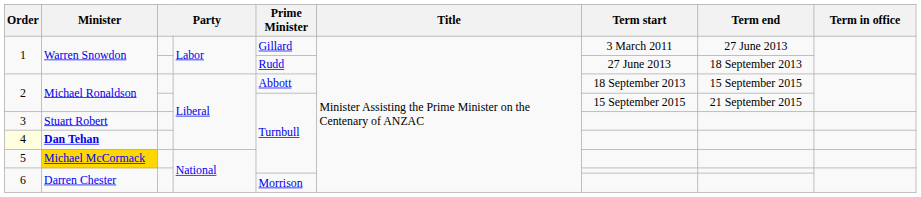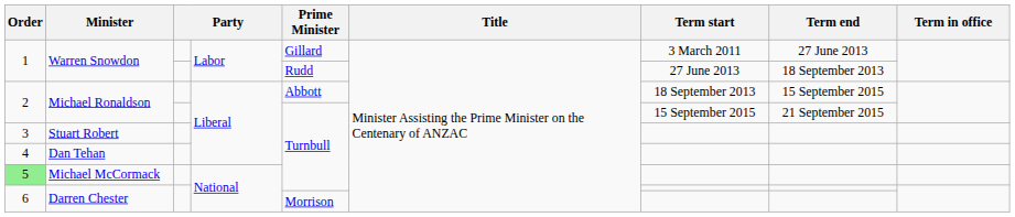 <table class="wikitable">
 <tr>
 <th width=5>Order</th>
 <th width=150>Minister</th>
 <th width=125 colspan="2">Party</th>
 <th width=75>Prime Minister</th>
 <th width=350>Title</th>
 <th width=150>Term start</th>
 <th width=150>Term end</th>
 <th width=130>Term in office</th>
 </tr>
 <tr>
 <td rowspan = 2 align=center>1</td>
 <td rowspan = 2><a href='#'>Warren Snowdon</a></td>
 <td></td>
 <td rowspan = 2><a href='#'>Labor</a></td>
 <td><a href='#'>Gillard</a></td>
 <td rowspan=9>Minister Assisting the Prime Minister on the Centenary of ANZAC</td>
 <td align=center>3 March 2011</td>
 <td align=center>27 June 2013</td>
 <td rowspan = 2 align=right><strong></strong></td>
 </tr>
 <tr>
 <td></td>
 <td><a href='#'>Rudd</a></td>
 <td align=center>27 June 2013</td>
 <td align=center>18 September 2013</td>
 </tr>
 <tr>
 <td rowspan = 2 align=center>2</td>
 <td rowspan = 2><a href='#'>Michael Ronaldson</a></td>
 <td> </td>
 <td rowspan = 4><a href='#'>Liberal</a></td>
 <td><a href='#'>Abbott</a></td>
 <td align=center>18 September 2013</td>
 <td align=center>15 September 2015</td>
 <td rowspan = 2 align=right></td>
 </tr>
 <tr>
 <td> </td>
 <td rowspan=5><a href='#'>Turnbull</a></td>
 <td align=center>15 September 2015</td>
 <td align=center>21 September 2015</td>
 </tr>
 <tr>
 <td align=center>3</td>
 <td><a href='#'>Stuart Robert</a></td>
 <td> </td>
 <td align=center></td>
 <td align=center></td>
 <td align=right></td>
 </tr>
 <tr>
-<td align=center style="background: lightyellow;">4</td>
-<td><strong><a href='#'>Dan Tehan</a></strong></td>
+<td align=center>4</td>
+<td><a href='#'>Dan Tehan</a></td>
 <td> </td>
 <td align=center></td>
 <td align=center></td>
 <td align=right></td>
 </tr>
 <tr>
-<td align=center>5</td>
-<td style="background: gold;"><a href='#'>Michael McCormack</a></td>
+<td align=center style="background: lightgreen;">5</td>
+<td><a href='#'>Michael McCormack</a></td>
 <td> </td>
 <td rowspan=3><a href='#'>National</a></td>
 <td align=center></td>
 <td align=center></td>
 <td align=right></td>
 </tr>
 <tr>
 <td rowspan=2 align=center>6</td>
 <td rowspan=2><a href='#'>Darren Chester</a></td>
 <td rowspan=2 > </td>
 <td align=center></td>
 <td align=center></td>
 <td rowspan=2 align=right></td>
 </tr>
 <tr>
 <td><a href='#'>Morrison</a></td>
 <td align=center></td>
 <td align=center></td>
 </tr>
 </table>
